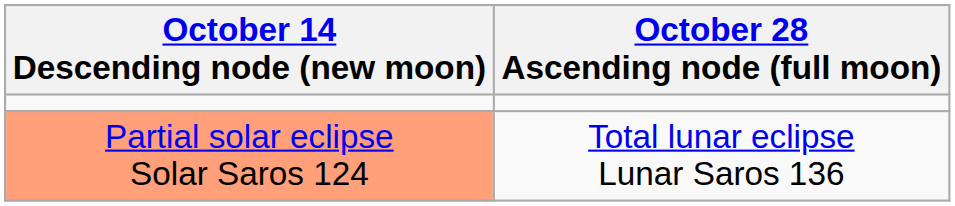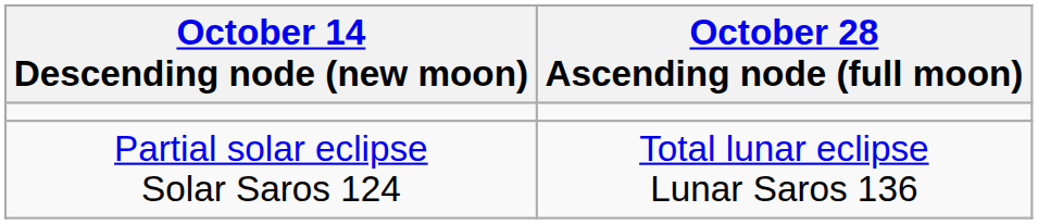 <table class="wikitable">
 <tr>
 <th><a href='#'>October 14</a><br>Descending node (new moon)<br></th>
 <th><a href='#'>October 28</a><br>Ascending node (full moon)<br></th>
 </tr>
 <tr>
 <td></td>
 <td></td>
 </tr>
 <tr align=center>
-<td style="background: lightsalmon;"><a href='#'>Partial solar eclipse</a><br>Solar Saros 124</td>
+<td><a href='#'>Partial solar eclipse</a><br>Solar Saros 124</td>
 <td><a href='#'>Total lunar eclipse</a><br>Lunar Saros 136</td>
 </tr>
 </table>
